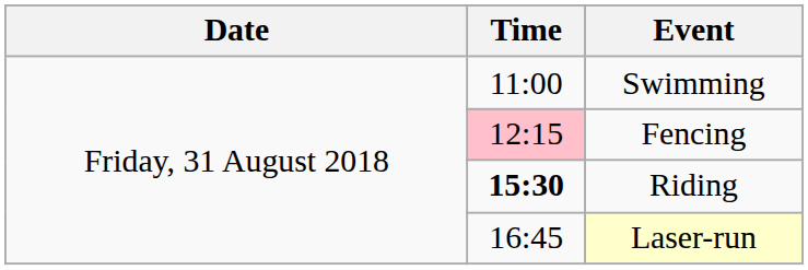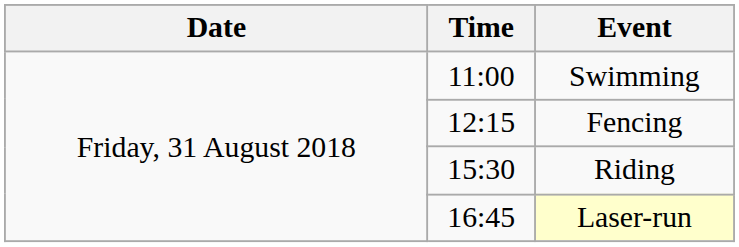 <table class = "wikitable" style="text-align:center;">
 <tr>
 <th width=220>Date</th>
 <th width=50>Time</th>
 <th width=100>Event</th>
 </tr>
 <tr>
 <td rowspan=4>Friday, 31 August 2018</td>
 <td>11:00</td>
 <td>Swimming</td>
 </tr>
 <tr>
-<td style="background: pink;">12:15</td>
+<td>12:15</td>
 <td>Fencing</td>
 </tr>
 <tr>
-<td><strong>15:30</strong></td>
+<td>15:30</td>
 <td>Riding</td>
 </tr>
 <tr>
 <td>16:45</td>
 <td bgcolor=ffffcc>Laser-run</td>
 </tr>
 </table>
